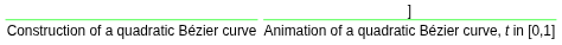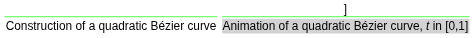 <table style="margin:1em auto; text-align:center; float:none; clear:both; font-size:95%; vertical-align:top;">
 <tr>
 <td style="border-bottom:1px solid #2f2;"></td>
 <td></td>
 <td style="border-bottom:1px solid #2f2;">]</td>
 </tr>
 <tr>
 <td>Construction of a quadratic Bézier curve</td>
 <td></td>
-<td>Animation of a quadratic Bézier curve, <em>t</em> in [0,1]</td>
+<td style="background: lightgrey;">Animation of a quadratic Bézier curve, <em>t</em> in [0,1]</td>
 </tr>
 </table>
